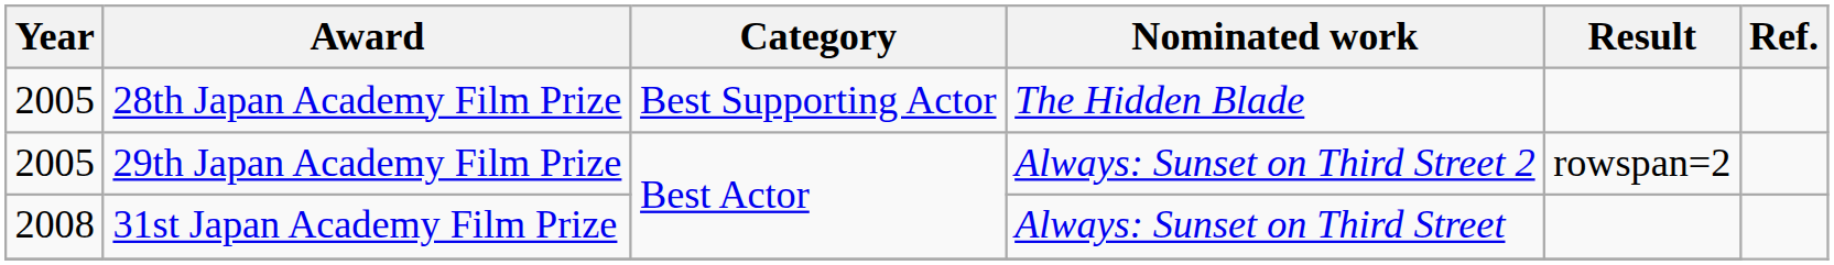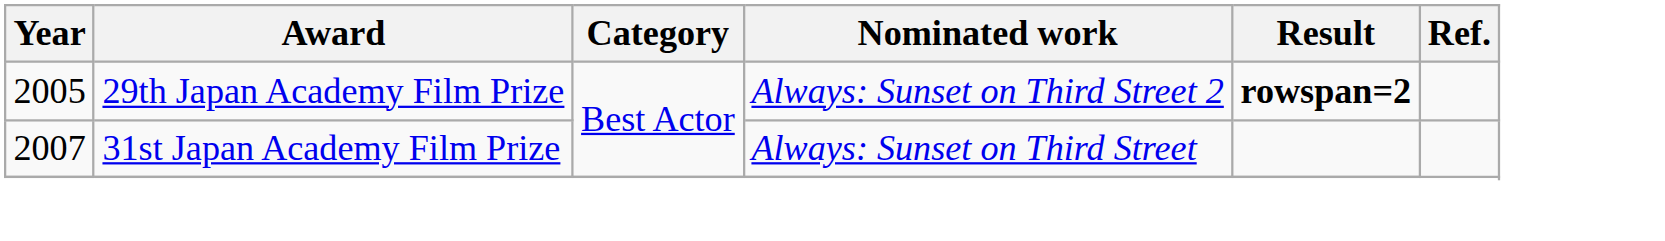 <table class="wikitable sortable">
 <tr>
 <th>Year</th>
 <th>Award</th>
 <th>Category</th>
 <th>Nominated work</th>
 <th>Result</th>
 <th class="unsortable">Ref.</th>
 </tr>
 <tr>
 <td>2005</td>
-<td><a href='#'>28th Japan Academy Film Prize</a></td>
-<td><a href='#'>Best Supporting Actor</a></td>
-<td><em><a href='#'>The Hidden Blade</a></em></td>
-<td></td>
+<td><a href='#'>29th Japan Academy Film Prize</a></td>
+<td rowspan=2><a href='#'>Best Actor</a></td>
+<td><em><a href='#'>Always: Sunset on Third Street 2</a></em></td>
+<td><strong>rowspan=2 </strong></td>
 <td></td>
 </tr>
 <tr>
-<td>2005</td>
-<td><a href='#'>29th Japan Academy Film Prize</a></td>
-<td rowspan=2><a href='#'>Best Actor</a></td>
-<td><em><a href='#'>Always: Sunset on Third Street 2</a></em></td>
-<td>rowspan=2 </td>
-<td></td>
-</tr>
-<tr>
-<td>2008</td>
+<td>2007</td>
 <td><a href='#'>31st Japan Academy Film Prize</a></td>
 <td><em><a href='#'>Always: Sunset on Third Street</a></em></td>
 <td></td>
 </tr>
 <tr>
 </tr>
 </table>
